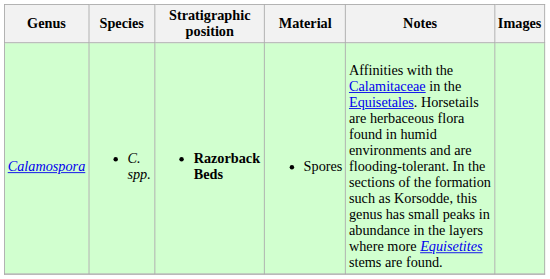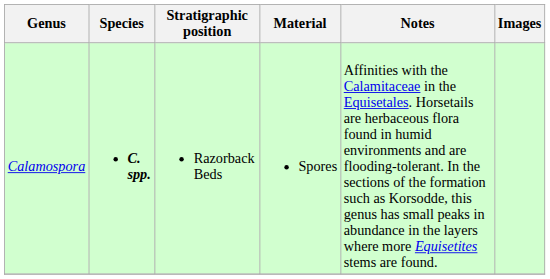 <table class = "wikitable">
 <tr>
 <th>Genus</th>
 <th>Species</th>
 <th>Stratigraphic position</th>
 <th>Material</th>
 <th>Notes</th>
 <th>Images</th>
 </tr>
 <tr>
 <td style="background:#D1FFCF;"><br><em><a href='#'>Calamospora</a></em></td>
-<td style="background:#D1FFCF;"><br><ul><li><em>C. spp.</em></li></ul></td>
-<td style="background:#D1FFCF;"><strong><br><ul><li>Razorback Beds</li></ul></strong></td>
+<td style="background:#D1FFCF;"><strong><br><ul><li><em>C. spp.</em></li></ul></strong></td>
+<td style="background:#D1FFCF;"><br><ul><li>Razorback Beds</li></ul></td>
 <td style="background:#D1FFCF;"><br><ul><li>Spores</li></ul></td>
 <td style="background:#D1FFCF;"><br>Affinities with the <a href='#'>Calamitaceae</a> in the <a href='#'>Equisetales</a>. Horsetails are herbaceous flora found in humid environments and are flooding-tolerant. In the sections of the formation such as Korsodde, this genus has small peaks in abundance in the layers where more <em><a href='#'>Equisetites</a></em> stems are found.</td>
 <td style="background:#D1FFCF;"><br></td>
 </tr>
 <tr>
 </tr>
 </table>
